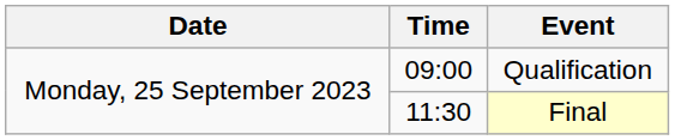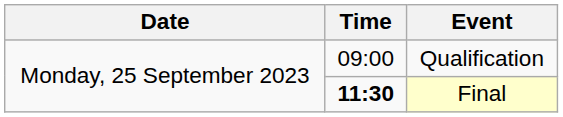 <table class = "wikitable" style="text-align:center;">
 <tr>
 <th width=220>Date</th>
 <th width=50>Time</th>
 <th width=100>Event</th>
 </tr>
 <tr>
 <td rowspan=2>Monday, 25 September 2023</td>
 <td>09:00</td>
 <td>Qualification</td>
 </tr>
 <tr>
-<td>11:30</td>
+<td><strong>11:30</strong></td>
 <td bgcolor=ffffcc>Final</td>
 </tr>
 </table>
